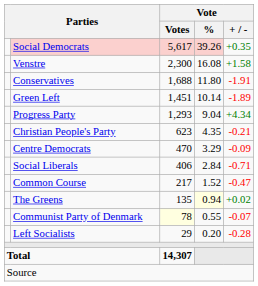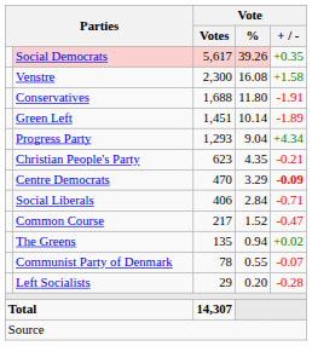 <table class="wikitable" style="text-align:right;">
 <tr>
 <th style="text-align:centre;" rowspan="2" colspan="2" width="225">Parties</th>
 <th colspan="3">Vote</th>
 </tr>
 <tr>
 <th width="15">Votes</th>
 <th width="15">%</th>
 <th width="15">+ / -</th>
 </tr>
 <tr>
 <td width="2" style="color:inherit;background:"></td>
 <td bgcolor=#fbd0ce  align="left"><a href='#'>Social Democrats</a></td>
 <td bgcolor=#fbd0ce>5,617</td>
 <td bgcolor=#fbd0ce>39.26</td>
 <td style=color:green;>+0.35</td>
 </tr>
 <tr>
 <td width="2" style="color:inherit;background:"></td>
 <td align="left"><a href='#'>Venstre</a></td>
 <td>2,300</td>
 <td>16.08</td>
 <td style=color:green;>+1.58</td>
 </tr>
 <tr>
 <td width="2" style="color:inherit;background:"></td>
 <td align="left"><a href='#'>Conservatives</a></td>
 <td>1,688</td>
 <td>11.80</td>
 <td style=color:red;>-1.91</td>
 </tr>
 <tr>
 <td width="2" style="color:inherit;background:"></td>
 <td align="left"><a href='#'>Green Left</a></td>
 <td>1,451</td>
 <td>10.14</td>
 <td style=color:red;>-1.89</td>
 </tr>
 <tr>
 <td width="2" style="color:inherit;background:"></td>
 <td align="left"><a href='#'>Progress Party</a></td>
 <td>1,293</td>
 <td>9.04</td>
 <td style=color:green;>+4.34</td>
 </tr>
 <tr>
 <td width="2" style="color:inherit;background:"></td>
 <td align="left"><a href='#'>Christian People's Party</a></td>
 <td>623</td>
 <td>4.35</td>
 <td style=color:red;>-0.21</td>
 </tr>
 <tr>
 <td width="2" style="color:inherit;background:"></td>
 <td align="left"><a href='#'>Centre Democrats</a></td>
 <td>470</td>
 <td>3.29</td>
-<td style=color:red;>-0.09</td>
+<td style=color:red;><strong>-0.09</strong></td>
 </tr>
 <tr>
 <td width="2" style="color:inherit;background:"></td>
 <td align="left"><a href='#'>Social Liberals</a></td>
 <td>406</td>
 <td>2.84</td>
 <td style=color:red;>-0.71</td>
 </tr>
 <tr>
 <td width="2" style="color:inherit;background:"></td>
 <td align="left"><a href='#'>Common Course</a></td>
 <td>217</td>
 <td>1.52</td>
 <td style=color:red;>-0.47</td>
 </tr>
 <tr>
 <td width="2" style="color:inherit;background:"></td>
 <td align="left"><a href='#'>The Greens</a></td>
 <td>135</td>
-<td style="background: lightyellow;">0.94</td>
+<td>0.94</td>
 <td style=color:green;>+0.02</td>
 </tr>
 <tr>
 <td width="2" style="color:inherit;background:"></td>
 <td align="left"><a href='#'>Communist Party of Denmark</a></td>
-<td style="background: lightyellow;">78</td>
+<td>78</td>
 <td>0.55</td>
 <td style=color:red;>-0.07</td>
 </tr>
 <tr>
 <td width="2" style="color:inherit;background:"></td>
 <td align="left"><a href='#'>Left Socialists</a></td>
 <td>29</td>
 <td>0.20</td>
 <td style=color:red;>-0.28</td>
 </tr>
 <tr>
 <td colspan="7" bgcolor="#E9E9E9"></td>
 </tr>
 <tr>
 <td align="left" colspan="2"><strong>Total</strong></td>
 <td><strong>14,307</strong></td>
 <td bgcolor="#E9E9E9" colspan="2"></td>
 </tr>
 <tr>
 <td align="left" colspan="6">Source</td>
 </tr>
 </table>
